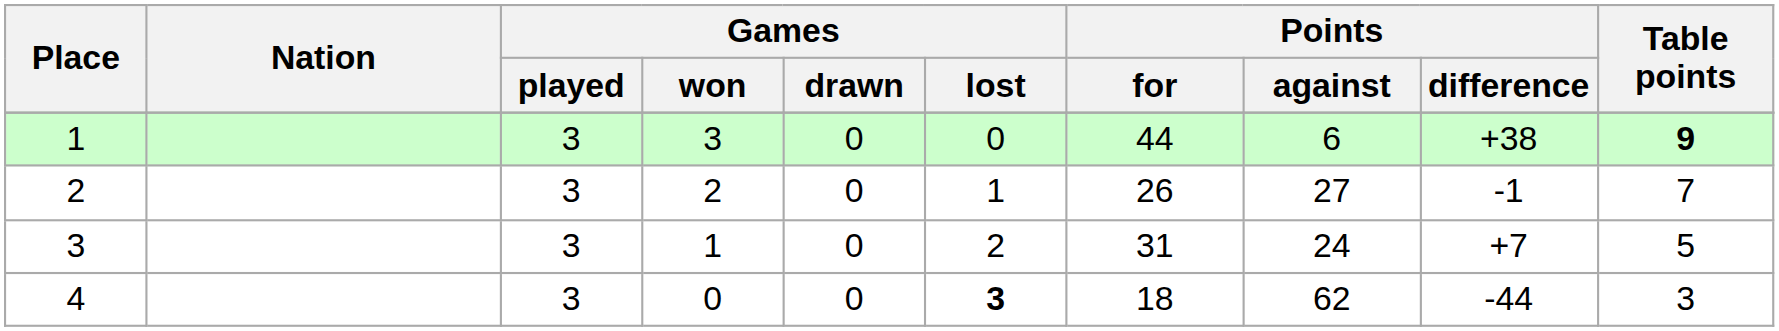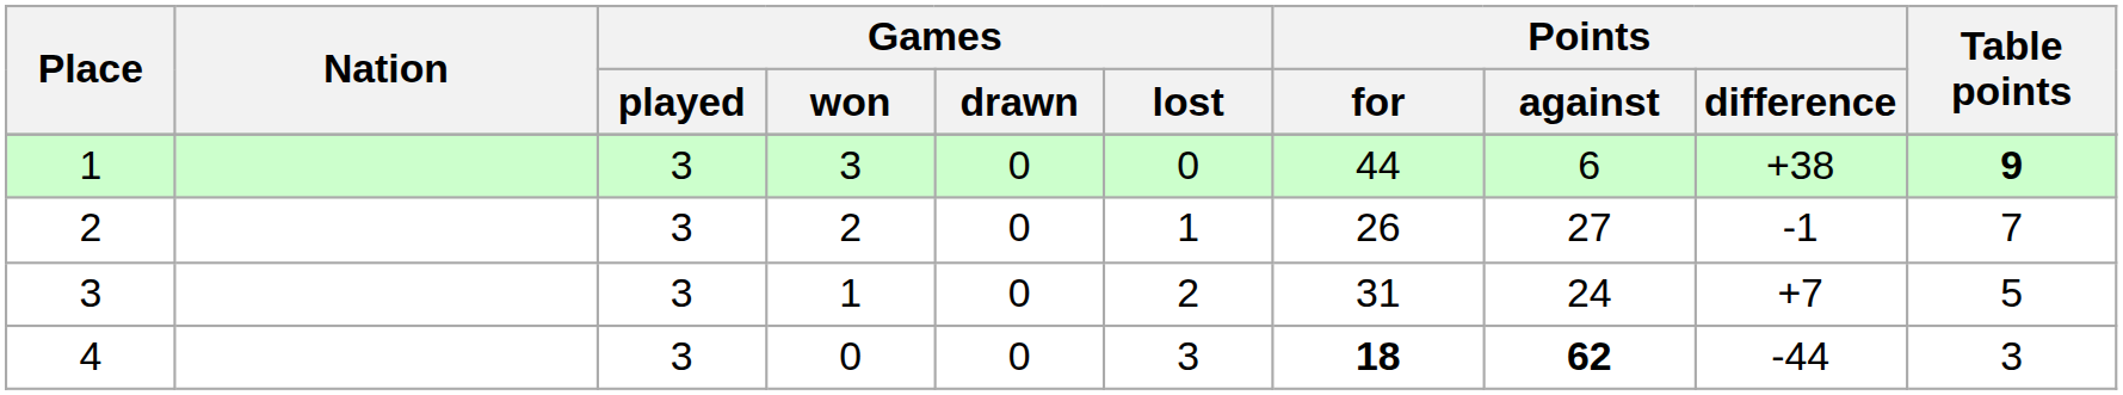 <table class="wikitable">
 <tr>
 <th rowspan=2 width="8%">Place</th>
 <th rowspan=2 width="20%">Nation</th>
 <th colspan=4 width="32%">Games</th>
 <th colspan=3 width="30%">Points</th>
 <th rowspan=2 width="10%">Table<br>points</th>
 </tr>
 <tr>
 <th width="8%">played</th>
 <th width="8%">won</th>
 <th width="8%">drawn</th>
 <th width="8%">lost</th>
 <th width="10%">for</th>
 <th width="10%">against</th>
 <th width="10%">difference</th>
 </tr>
 <tr>
 </tr>
 <tr bgcolor=#ccffcc align=center>
 <td>1</td>
 <td align=left><strong></strong></td>
 <td>3</td>
 <td>3</td>
 <td>0</td>
 <td>0</td>
 <td>44</td>
 <td>6</td>
 <td>+38</td>
 <td><strong>9</strong></td>
 </tr>
 <tr bgcolor=#ffffff align=center>
 <td>2</td>
 <td align=left></td>
 <td>3</td>
 <td>2</td>
 <td>0</td>
 <td>1</td>
 <td>26</td>
 <td>27</td>
 <td>-1</td>
 <td>7</td>
 </tr>
 <tr bgcolor=#ffffff align=center>
 <td>3</td>
 <td align=left></td>
 <td>3</td>
 <td>1</td>
 <td>0</td>
 <td>2</td>
 <td>31</td>
 <td>24</td>
 <td>+7</td>
 <td>5</td>
 </tr>
 <tr bgcolor=#ffffff align=center>
 <td>4</td>
 <td align=left></td>
 <td>3</td>
 <td>0</td>
 <td>0</td>
-<td><strong>3</strong></td>
-<td>18</td>
-<td>62</td>
+<td>3</td>
+<td><strong>18</strong></td>
+<td><strong>62</strong></td>
 <td>-44</td>
 <td>3</td>
 </tr>
 </table>
